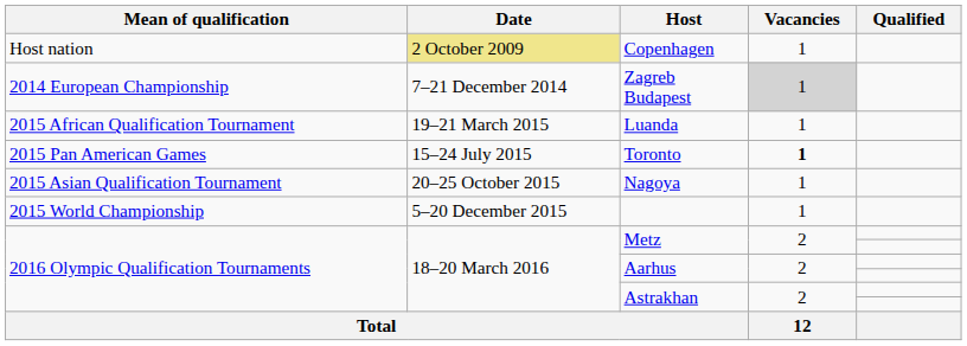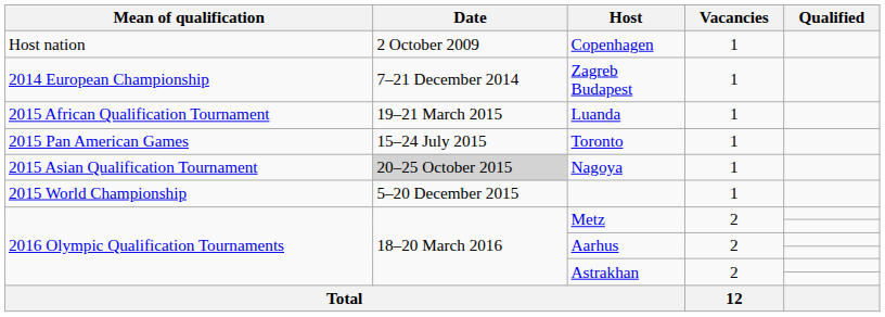 <table class="wikitable" width=850>
 <tr>
 <th>Mean of qualification</th>
 <th>Date</th>
 <th>Host</th>
 <th>Vacancies</th>
 <th>Qualified</th>
 </tr>
 <tr>
 <td>Host nation</td>
-<td style="background: khaki;">2 October 2009</td>
+<td>2 October 2009</td>
 <td> <a href='#'>Copenhagen</a></td>
 <td style="text-align:center;">1</td>
 <td></td>
 </tr>
 <tr>
 <td><a href='#'>2014 European Championship</a></td>
 <td>7–21 December 2014</td>
 <td> <a href='#'>Zagreb</a><br> <a href='#'>Budapest</a></td>
-<td style="background: lightgrey; text-align:center;">1</td>
+<td style="text-align:center;">1</td>
 <td></td>
 </tr>
 <tr>
 <td><a href='#'>2015 African Qualification Tournament</a></td>
 <td>19–21 March 2015</td>
 <td> <a href='#'>Luanda</a></td>
 <td style="text-align:center;">1</td>
 <td></td>
 </tr>
 <tr>
 <td><a href='#'>2015 Pan American Games</a></td>
 <td>15–24 July 2015</td>
 <td> <a href='#'>Toronto</a></td>
-<td style="text-align:center;"><strong>1</strong></td>
+<td style="text-align:center;">1</td>
 <td></td>
 </tr>
 <tr>
 <td><a href='#'>2015 Asian Qualification Tournament</a></td>
-<td>20–25 October 2015</td>
+<td style="background: lightgrey;">20–25 October 2015</td>
 <td> <a href='#'>Nagoya</a></td>
 <td style="text-align:center;">1</td>
 <td></td>
 </tr>
 <tr>
 <td><a href='#'>2015 World Championship</a></td>
 <td>5–20 December 2015</td>
 <td></td>
 <td style="text-align:center;">1</td>
 <td></td>
 </tr>
 <tr>
 <td rowspan="6"><a href='#'>2016 Olympic Qualification Tournaments</a></td>
 <td rowspan="6">18–20 March 2016</td>
 <td rowspan="2"> <a href='#'>Metz</a></td>
 <td rowspan="2" style="text-align:center;">2</td>
 <td></td>
 </tr>
 <tr>
 <td></td>
 </tr>
 <tr>
 <td rowspan="2"> <a href='#'>Aarhus</a></td>
 <td rowspan="2" style="text-align:center;">2</td>
 <td></td>
 </tr>
 <tr>
 <td></td>
 </tr>
 <tr>
 <td rowspan="2"> <a href='#'>Astrakhan</a></td>
 <td rowspan="2" style="text-align:center;">2</td>
 <td></td>
 </tr>
 <tr>
 <td></td>
 </tr>
 <tr>
 <th colspan="3">Total</th>
 <th>12</th>
 <th></th>
 </tr>
 </table>
